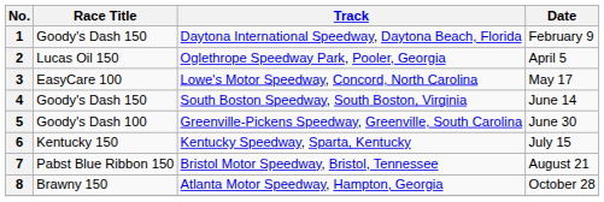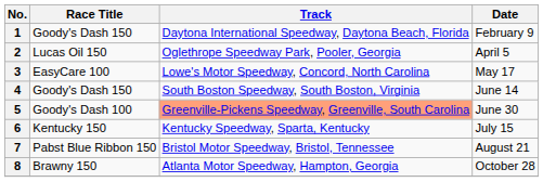 <table class="wikitable" style="font-size:85%;">
 <tr>
 <th>No.</th>
 <th>Race Title</th>
 <th><a href='#'>Track</a></th>
 <th>Date</th>
 </tr>
 <tr>
 <th>1</th>
 <td>Goody's Dash 150</td>
 <td><a href='#'>Daytona International Speedway</a>, <a href='#'>Daytona Beach, Florida</a></td>
 <td>February 9</td>
 </tr>
 <tr>
 <th>2</th>
 <td>Lucas Oil 150</td>
 <td><a href='#'>Oglethrope Speedway Park</a>, <a href='#'>Pooler, Georgia</a></td>
 <td>April 5</td>
 </tr>
 <tr>
 <th>3</th>
 <td>EasyCare 100</td>
 <td><a href='#'>Lowe's Motor Speedway</a>, <a href='#'>Concord, North Carolina</a></td>
 <td>May 17</td>
 </tr>
 <tr>
 <th>4</th>
 <td>Goody's Dash 150</td>
 <td><a href='#'>South Boston Speedway</a>, <a href='#'>South Boston, Virginia</a></td>
 <td>June 14</td>
 </tr>
 <tr>
 <th>5</th>
 <td>Goody's Dash 100</td>
-<td><a href='#'>Greenville-Pickens Speedway</a>, <a href='#'>Greenville, South Carolina</a></td>
+<td style="background: lightsalmon;"><a href='#'>Greenville-Pickens Speedway</a>, <a href='#'>Greenville, South Carolina</a></td>
 <td>June 30</td>
 </tr>
 <tr>
 <th>6</th>
 <td>Kentucky 150</td>
 <td><a href='#'>Kentucky Speedway</a>, <a href='#'>Sparta, Kentucky</a></td>
 <td>July 15</td>
 </tr>
 <tr>
 <th>7</th>
 <td>Pabst Blue Ribbon 150</td>
 <td><a href='#'>Bristol Motor Speedway</a>, <a href='#'>Bristol, Tennessee</a></td>
 <td>August 21</td>
 </tr>
 <tr>
 <th>8</th>
 <td>Brawny 150</td>
 <td><a href='#'>Atlanta Motor Speedway</a>, <a href='#'>Hampton, Georgia</a></td>
 <td>October 28</td>
 </tr>
 <tr>
 </tr>
 </table>
